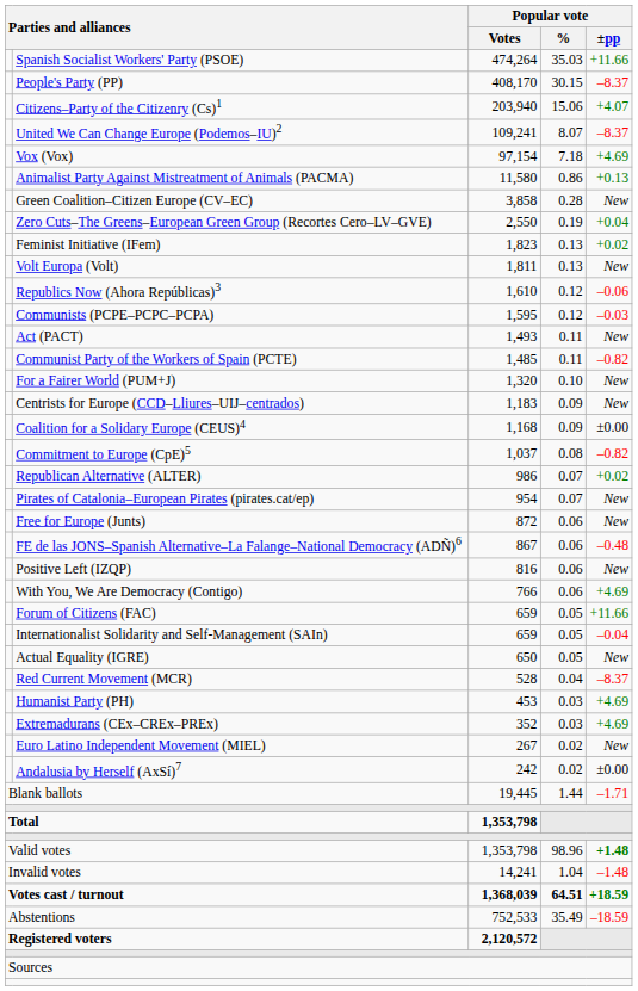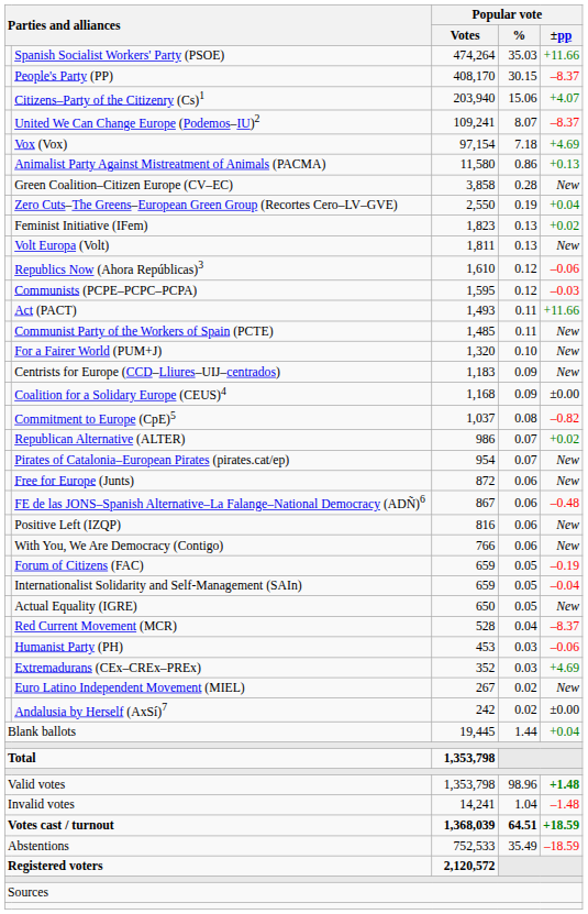 <table class="wikitable" style="text-align:right;">
 <tr>
 <th style="text-align:left;" rowspan="2" colspan="2" width="525">Parties and alliances</th>
 <th colspan="3">Popular vote</th>
 </tr>
 <tr>
 <th width="75">Votes</th>
 <th width="45">%</th>
 <th width="45">±<a href='#'>pp</a></th>
 </tr>
 <tr>
 <td width="1" style="color:inherit;background:"></td>
 <td align="left"><a href='#'>Spanish Socialist Workers' Party</a> (PSOE)</td>
 <td>474,264</td>
 <td>35.03</td>
 <td style="color:green;">+11.66</td>
 </tr>
 <tr>
 <td style="color:inherit;background:"></td>
 <td align="left"><a href='#'>People's Party</a> (PP)</td>
 <td>408,170</td>
 <td>30.15</td>
 <td style="color:red;">–8.37</td>
 </tr>
 <tr>
 <td style="color:inherit;background:"></td>
 <td align="left"><a href='#'>Citizens–Party of the Citizenry</a> (Cs)<sup>1</sup></td>
 <td>203,940</td>
 <td>15.06</td>
 <td style="color:green;">+4.07</td>
 </tr>
 <tr>
 <td style="color:inherit;background:"></td>
 <td align="left"><a href='#'>United We Can Change Europe</a> (<a href='#'>Podemos</a>–<a href='#'>IU</a>)<sup>2</sup></td>
 <td>109,241</td>
 <td>8.07</td>
 <td style="color:red;">–8.37</td>
 </tr>
 <tr>
 <td style="color:inherit;background:"></td>
 <td align="left"><a href='#'>Vox</a> (Vox)</td>
 <td>97,154</td>
 <td>7.18</td>
 <td style="color:green;">+4.69</td>
 </tr>
 <tr>
 <td style="color:inherit;background:"></td>
 <td align="left"><a href='#'>Animalist Party Against Mistreatment of Animals</a> (PACMA)</td>
 <td>11,580</td>
 <td>0.86</td>
 <td style="color:green;">+0.13</td>
 </tr>
 <tr>
 <td style="color:inherit;background:"></td>
 <td align="left">Green Coalition–Citizen Europe (CV–EC)</td>
 <td>3,858</td>
 <td>0.28</td>
 <td><em>New</em></td>
 </tr>
 <tr>
 <td style="color:inherit;background:"></td>
 <td align="left"><a href='#'>Zero Cuts</a>–<a href='#'>The Greens</a>–<a href='#'>European Green Group</a> (Recortes Cero–LV–GVE)</td>
 <td>2,550</td>
 <td>0.19</td>
 <td style="color:green;">+0.04</td>
 </tr>
 <tr>
 <td style="color:inherit;background:"></td>
 <td align="left">Feminist Initiative (IFem)</td>
 <td>1,823</td>
 <td>0.13</td>
 <td style="color:green;">+0.02</td>
 </tr>
 <tr>
 <td style="color:inherit;background:"></td>
 <td align="left"><a href='#'>Volt Europa</a> (Volt)</td>
 <td>1,811</td>
 <td>0.13</td>
 <td><em>New</em></td>
 </tr>
 <tr>
 <td style="color:inherit;background:"></td>
 <td align="left"><a href='#'>Republics Now</a> (Ahora Repúblicas)<sup>3</sup></td>
 <td>1,610</td>
 <td>0.12</td>
 <td style="color:red;">–0.06</td>
 </tr>
 <tr>
 <td style="color:inherit;background:"></td>
 <td align="left"><a href='#'>Communists</a> (PCPE–PCPC–PCPA)</td>
 <td>1,595</td>
 <td>0.12</td>
 <td style="color:red;">–0.03</td>
 </tr>
 <tr>
 <td style="color:inherit;background:"></td>
 <td align="left"><a href='#'>Act</a> (PACT)</td>
 <td>1,493</td>
 <td>0.11</td>
-<td><em>New</em></td>
+<td style="color:green;">+11.66</td>
 </tr>
 <tr>
 <td style="color:inherit;background:"></td>
 <td align="left"><a href='#'>Communist Party of the Workers of Spain</a> (PCTE)</td>
 <td>1,485</td>
 <td>0.11</td>
-<td style="color:red;">–0.82</td>
+<td><em>New</em></td>
 </tr>
 <tr>
 <td style="color:inherit;background:"></td>
 <td align="left"><a href='#'>For a Fairer World</a> (PUM+J)</td>
 <td>1,320</td>
 <td>0.10</td>
 <td><em>New</em></td>
 </tr>
 <tr>
 <td style="color:inherit;background:"></td>
 <td align="left">Centrists for Europe (<a href='#'>CCD</a>–<a href='#'>Lliures</a>–UIJ–<a href='#'>centrados</a>)</td>
 <td>1,183</td>
 <td>0.09</td>
 <td><em>New</em></td>
 </tr>
 <tr>
 <td style="color:inherit;background:"></td>
 <td align="left"><a href='#'>Coalition for a Solidary Europe</a> (CEUS)<sup>4</sup></td>
 <td>1,168</td>
 <td>0.09</td>
 <td>±0.00</td>
 </tr>
 <tr>
 <td style="color:inherit;background:"></td>
 <td align="left"><a href='#'>Commitment to Europe</a> (CpE)<sup>5</sup></td>
 <td>1,037</td>
 <td>0.08</td>
 <td style="color:red;">–0.82</td>
 </tr>
 <tr>
 <td style="color:inherit;background:"></td>
 <td align="left"><a href='#'>Republican Alternative</a> (ALTER)</td>
 <td>986</td>
 <td>0.07</td>
 <td style="color:green;">+0.02</td>
 </tr>
 <tr>
 <td style="color:inherit;background:"></td>
 <td align="left"><a href='#'>Pirates of Catalonia–European Pirates</a> (pirates.cat/ep)</td>
 <td>954</td>
 <td>0.07</td>
 <td><em>New</em></td>
 </tr>
 <tr>
 <td style="color:inherit;background:"></td>
 <td align="left"><a href='#'>Free for Europe</a> (Junts)</td>
 <td>872</td>
 <td>0.06</td>
 <td><em>New</em></td>
 </tr>
 <tr>
 <td style="color:inherit;background:"></td>
 <td align="left"><a href='#'>FE de las JONS–Spanish Alternative–La Falange–National Democracy</a> (ADÑ)<sup>6</sup></td>
 <td>867</td>
 <td>0.06</td>
 <td style="color:red;">–0.48</td>
 </tr>
 <tr>
 <td style="color:inherit;background:"></td>
 <td align="left">Positive Left (IZQP)</td>
 <td>816</td>
 <td>0.06</td>
 <td><em>New</em></td>
 </tr>
 <tr>
 <td style="color:inherit;background:"></td>
 <td align="left">With You, We Are Democracy (Contigo)</td>
 <td>766</td>
 <td>0.06</td>
-<td style="color:green;">+4.69</td>
+<td><em>New</em></td>
 </tr>
 <tr>
 <td style="color:inherit;background:"></td>
 <td align="left"><a href='#'>Forum of Citizens</a> (FAC)</td>
 <td>659</td>
 <td>0.05</td>
-<td style="color:green;">+11.66</td>
+<td style="color:red;">–0.19</td>
 </tr>
 <tr>
 <td style="color:inherit;background:"></td>
 <td align="left">Internationalist Solidarity and Self-Management (SAIn)</td>
 <td>659</td>
 <td>0.05</td>
 <td style="color:red;">–0.04</td>
 </tr>
 <tr>
 <td style="color:inherit;background:"></td>
 <td align="left">Actual Equality (IGRE)</td>
 <td>650</td>
 <td>0.05</td>
 <td><em>New</em></td>
 </tr>
 <tr>
 <td style="color:inherit;background:"></td>
 <td align="left"><a href='#'>Red Current Movement</a> (MCR)</td>
 <td>528</td>
 <td>0.04</td>
 <td style="color:red;">–8.37</td>
 </tr>
 <tr>
 <td style="color:inherit;background:"></td>
 <td align="left"><a href='#'>Humanist Party</a> (PH)</td>
 <td>453</td>
 <td>0.03</td>
-<td style="color:green;">+4.69</td>
+<td style="color:red;">–0.06</td>
 </tr>
 <tr>
 <td style="color:inherit;background:"></td>
 <td align="left"><a href='#'>Extremadurans</a> (CEx–CREx–PREx)</td>
 <td>352</td>
 <td>0.03</td>
 <td style="color:green;">+4.69</td>
 </tr>
 <tr>
 <td style="color:inherit;background:"></td>
 <td align="left"><a href='#'>Euro Latino Independent Movement</a> (MIEL)</td>
 <td>267</td>
 <td>0.02</td>
 <td><em>New</em></td>
 </tr>
 <tr>
 <td style="color:inherit;background:"></td>
 <td align="left"><a href='#'>Andalusia by Herself</a> (AxSí)<sup>7</sup></td>
 <td>242</td>
 <td>0.02</td>
 <td>±0.00</td>
 </tr>
 <tr>
 <td align="left" colspan="2">Blank ballots</td>
 <td>19,445</td>
 <td>1.44</td>
-<td style="color:red;">–1.71</td>
+<td style="color:green;">+0.04</td>
 </tr>
 <tr>
 <td colspan="5" bgcolor="#E9E9E9"></td>
 </tr>
 <tr style="font-weight:bold;">
 <td align="left" colspan="2">Total</td>
 <td>1,353,798</td>
 <td bgcolor="#E9E9E9" colspan="2"></td>
 </tr>
 <tr>
 <td colspan="5" bgcolor="#E9E9E9"></td>
 </tr>
 <tr>
 <td align="left" colspan="2">Valid votes</td>
 <td>1,353,798</td>
 <td>98.96</td>
 <td style="color:green;"><strong>+1.48</strong></td>
 </tr>
 <tr>
 <td align="left" colspan="2">Invalid votes</td>
 <td>14,241</td>
 <td>1.04</td>
 <td style="color:red;">–1.48</td>
 </tr>
 <tr style="font-weight:bold;">
 <td align="left" colspan="2">Votes cast / turnout</td>
 <td>1,368,039</td>
 <td>64.51</td>
 <td style="color:green;">+18.59</td>
 </tr>
 <tr>
 <td align="left" colspan="2">Abstentions</td>
 <td>752,533</td>
 <td>35.49</td>
 <td style="color:red;">–18.59</td>
 </tr>
 <tr style="font-weight:bold;">
 <td align="left" colspan="2">Registered voters</td>
 <td>2,120,572</td>
 <td bgcolor="#E9E9E9" colspan="2"></td>
 </tr>
 <tr>
 <td colspan="5" bgcolor="#E9E9E9"></td>
 </tr>
 <tr>
 <td align="left" colspan="5">Sources</td>
 </tr>
 <tr>
 <td colspan="5" style="text-align:left; max-width:680px;"></td>
 </tr>
 </table>
